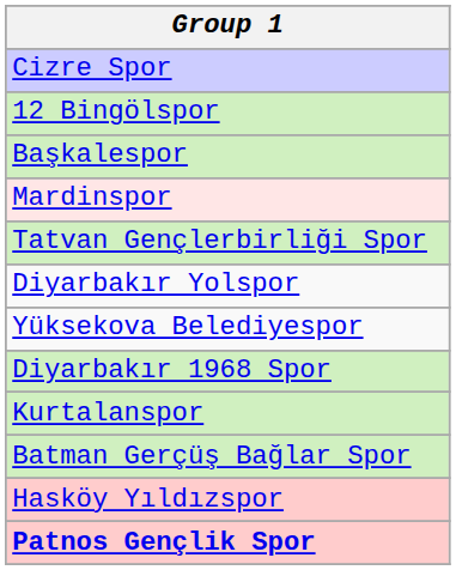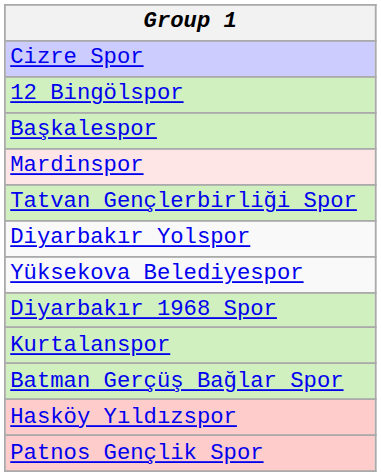 <table class="wikitable collapsible collapsed" style="font-size:95%;">
 <tr>
 <th colspan="1" width="200"><em>Group 1</em></th>
 </tr>
 <tr>
 <td style="background:#ccccff;"><a href='#'>Cizre Spor</a></td>
 </tr>
 <tr>
 <td style="background:#D0F0C0;"><a href='#'>12 Bingölspor</a></td>
 </tr>
 <tr>
 <td style="background:#D0F0C0;"><a href='#'>Başkalespor</a></td>
 </tr>
 <tr>
 <td style="background:#FFE6E6;"><a href='#'>Mardinspor</a></td>
 </tr>
 <tr>
 <td style="background:#D0F0C0;"><a href='#'>Tatvan Gençlerbirliği Spor</a></td>
 </tr>
 <tr>
 <td><a href='#'>Diyarbakır Yolspor</a></td>
 </tr>
 <tr>
 <td><a href='#'>Yüksekova Belediyespor</a></td>
 </tr>
 <tr>
 <td style="background:#D0F0C0;"><a href='#'>Diyarbakır 1968 Spor</a></td>
 </tr>
 <tr>
 <td style="background:#D0F0C0;"><a href='#'>Kurtalanspor</a></td>
 </tr>
 <tr>
 <td style="background:#D0F0C0;"><a href='#'>Batman Gerçüş Bağlar Spor</a></td>
 </tr>
 <tr>
 <td style="background:#fcc;"><a href='#'>Hasköy Yıldızspor</a></td>
 </tr>
 <tr>
-<td style="background:#fcc;"><strong><a href='#'>Patnos Gençlik Spor</a></strong></td>
+<td style="background:#fcc;"><a href='#'>Patnos Gençlik Spor</a></td>
 </tr>
 </table>
